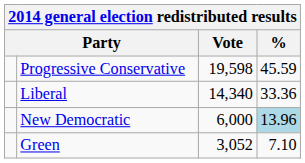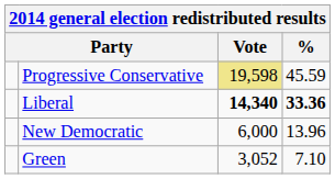 <table class="wikitable">
 <tr>
 <th colspan="4"><a href='#'>2014 general election</a> redistributed results</th>
 </tr>
 <tr>
 <th bgcolor="#DDDDFF" width="130px" colspan="2">Party</th>
 <th bgcolor="#DDDDFF" width="50px">Vote</th>
 <th bgcolor="#DDDDFF" width="30px">%</th>
 </tr>
 <tr>
 <td> </td>
 <td><a href='#'>Progressive Conservative</a></td>
-<td align=right>19,598</td>
+<td align=right style="background: khaki;">19,598</td>
 <td align=right>45.59</td>
 </tr>
 <tr>
 <td> </td>
 <td><a href='#'>Liberal</a></td>
-<td align=right>14,340</td>
-<td align=right>33.36</td>
+<td align=right><strong>14,340</strong></td>
+<td align=right><strong>33.36</strong></td>
 </tr>
 <tr>
 <td> </td>
 <td><a href='#'>New Democratic</a></td>
 <td align=right>6,000</td>
-<td align=right style="background: lightblue;">13.96</td>
+<td align=right>13.96</td>
 </tr>
 <tr>
 <td> </td>
 <td><a href='#'>Green</a></td>
 <td align=right>3,052</td>
 <td align=right>7.10</td>
 </tr>
 </table>
